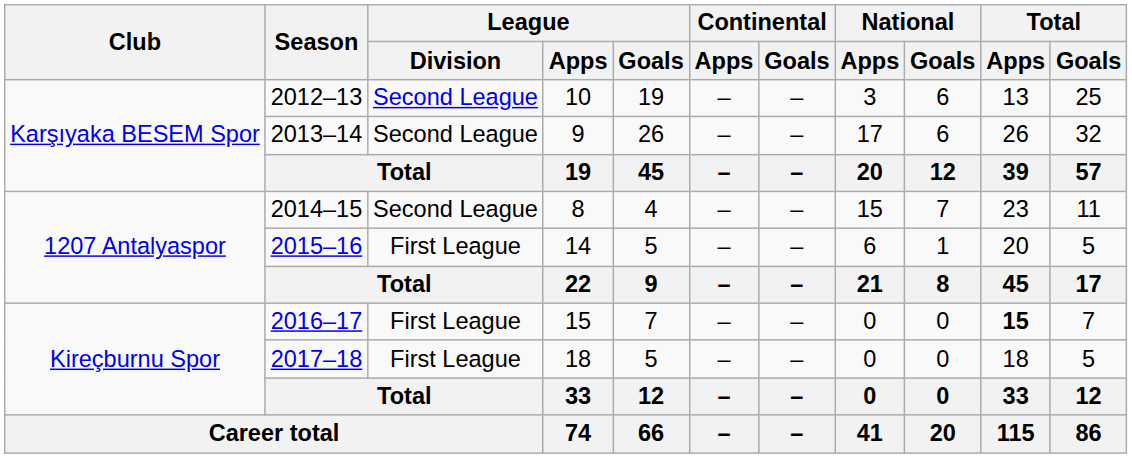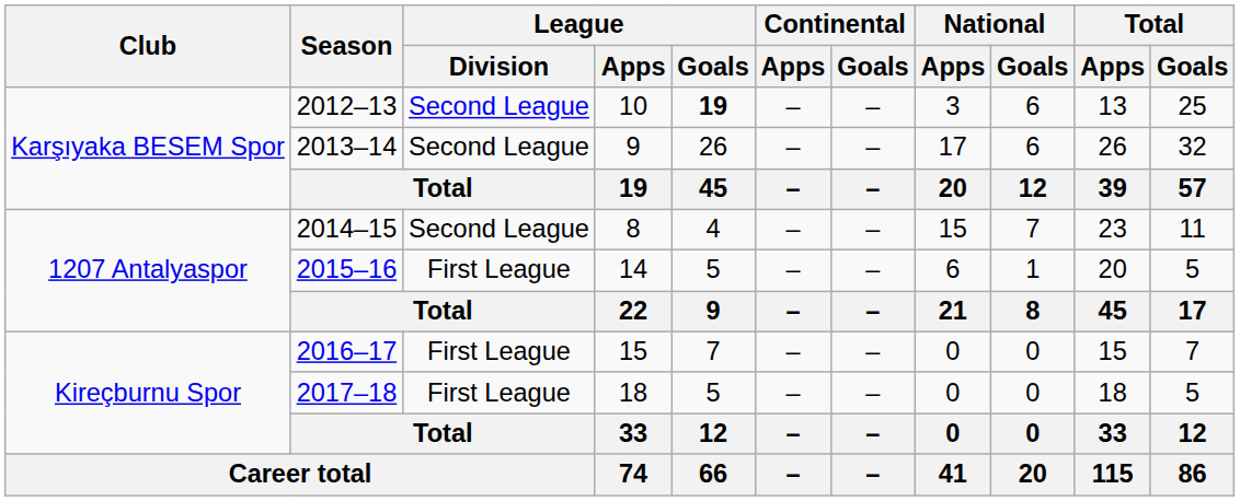 <table class="wikitable" style="text-align: center;">
 <tr>
 <th rowspan="2">Club</th>
 <th rowspan="2">Season</th>
 <th colspan="3">League</th>
 <th colspan="2">Continental</th>
 <th colspan="2">National</th>
 <th colspan="2">Total</th>
 </tr>
 <tr>
 <th>Division</th>
 <th>Apps</th>
 <th>Goals</th>
 <th>Apps</th>
 <th>Goals</th>
 <th>Apps</th>
 <th>Goals</th>
 <th>Apps</th>
 <th>Goals</th>
 </tr>
 <tr>
 <td rowspan=3><a href='#'>Karşıyaka BESEM Spor</a></td>
 <td>2012–13</td>
 <td><a href='#'>Second League</a></td>
 <td>10</td>
-<td>19</td>
+<td><strong>19</strong></td>
 <td>–</td>
 <td>–</td>
 <td>3</td>
 <td>6</td>
 <td>13</td>
 <td>25</td>
 </tr>
 <tr>
 <td>2013–14</td>
 <td>Second League</td>
 <td>9</td>
 <td>26</td>
 <td>–</td>
 <td>–</td>
 <td>17</td>
 <td>6</td>
 <td>26</td>
 <td>32</td>
 </tr>
 <tr>
 <th colspan="2">Total</th>
 <th>19</th>
 <th>45</th>
 <th>–</th>
 <th>–</th>
 <th>20</th>
 <th>12</th>
 <th>39</th>
 <th>57</th>
 </tr>
 <tr>
 <td rowspan=3><a href='#'>1207 Antalyaspor</a></td>
 <td>2014–15</td>
 <td>Second League</td>
 <td>8</td>
 <td>4</td>
 <td>–</td>
 <td>–</td>
 <td>15</td>
 <td>7</td>
 <td>23</td>
 <td>11</td>
 </tr>
 <tr>
 <td><a href='#'>2015–16</a></td>
 <td>First League</td>
 <td>14</td>
 <td>5</td>
 <td>–</td>
 <td>–</td>
 <td>6</td>
 <td>1</td>
 <td>20</td>
 <td>5</td>
 </tr>
 <tr>
 <th colspan="2">Total</th>
 <th>22</th>
 <th>9</th>
 <th>–</th>
 <th>–</th>
 <th>21</th>
 <th>8</th>
 <th>45</th>
 <th>17</th>
 </tr>
 <tr>
 <td rowspan=3><a href='#'>Kireçburnu Spor</a></td>
 <td><a href='#'>2016–17</a></td>
 <td>First League</td>
 <td>15</td>
 <td>7</td>
 <td>–</td>
 <td>–</td>
 <td>0</td>
 <td>0</td>
-<td><strong>15</strong></td>
+<td>15</td>
 <td>7</td>
 </tr>
 <tr>
 <td><a href='#'>2017–18</a></td>
 <td>First League</td>
 <td>18</td>
 <td>5</td>
 <td>–</td>
 <td>–</td>
 <td>0</td>
 <td>0</td>
 <td>18</td>
 <td>5</td>
 </tr>
 <tr>
 <th colspan="2">Total</th>
 <th>33</th>
 <th>12</th>
 <th>–</th>
 <th>–</th>
 <th>0</th>
 <th>0</th>
 <th>33</th>
 <th>12</th>
 </tr>
 <tr>
 <th colspan="3">Career total</th>
 <th>74</th>
 <th>66</th>
 <th>–</th>
 <th>–</th>
 <th>41</th>
 <th>20</th>
 <th>115</th>
 <th>86</th>
 </tr>
 </table>
